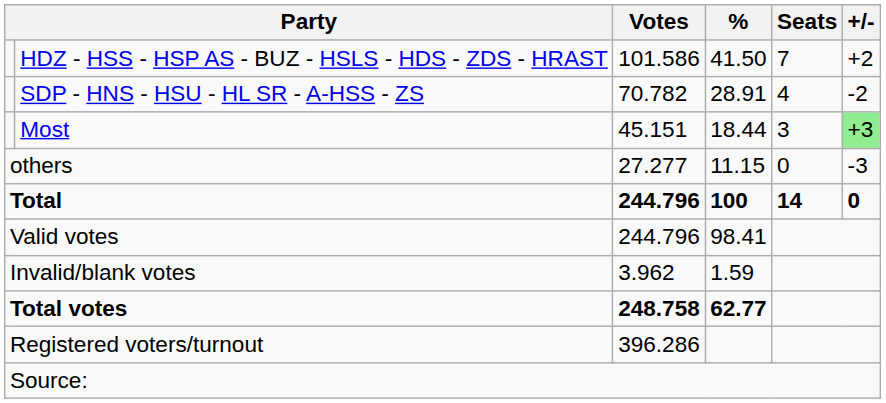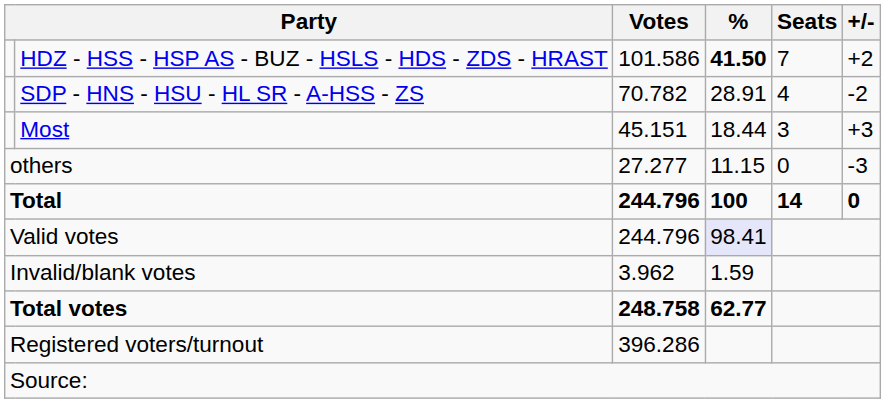 <table class="wikitable" style="text-align: left;">
 <tr>
 <th colspan="2">Party</th>
 <th>Votes</th>
 <th>%</th>
 <th>Seats</th>
 <th>+/-</th>
 </tr>
 <tr>
 <td style="background-color: "></td>
 <td><a href='#'>HDZ</a> - <a href='#'>HSS</a> - <a href='#'>HSP AS</a> - BUZ - <a href='#'>HSLS</a> - <a href='#'>HDS</a> - <a href='#'>ZDS</a> - <a href='#'>HRAST</a></td>
 <td>101.586</td>
-<td>41.50</td>
+<td><strong>41.50</strong></td>
 <td>7</td>
 <td>+2</td>
 </tr>
 <tr>
 <td style="background-color: "></td>
 <td><a href='#'>SDP</a> - <a href='#'>HNS</a> - <a href='#'>HSU</a> - <a href='#'>HL SR</a> - <a href='#'>A-HSS</a> - <a href='#'>ZS</a></td>
 <td>70.782</td>
 <td>28.91</td>
 <td>4</td>
 <td>-2</td>
 </tr>
 <tr>
 <td style="background-color: "></td>
 <td><a href='#'>Most</a></td>
 <td>45.151</td>
 <td>18.44</td>
 <td>3</td>
-<td style="background: lightgreen;">+3</td>
+<td>+3</td>
 </tr>
 <tr>
 <td colspan="2">others</td>
 <td>27.277</td>
 <td>11.15</td>
 <td>0</td>
 <td>-3</td>
 </tr>
 <tr>
 <td colspan="2"><strong>Total</strong></td>
 <td><strong>244.796</strong></td>
 <td><strong>100</strong></td>
 <td><strong>14</strong></td>
 <td><strong>0</strong></td>
 </tr>
 <tr>
 <td colspan="2">Valid votes</td>
 <td>244.796</td>
-<td>98.41</td>
+<td style="background: lavender;">98.41</td>
 <td colspan="2"></td>
 </tr>
 <tr>
 <td colspan="2">Invalid/blank votes</td>
 <td>3.962</td>
 <td>1.59</td>
 <td colspan="2"></td>
 </tr>
 <tr>
 <td colspan="2"><strong>Total votes</strong></td>
 <td><strong>248.758</strong></td>
 <td><strong>62.77</strong></td>
 <td colspan="2"></td>
 </tr>
 <tr>
 <td colspan="2">Registered voters/turnout</td>
 <td votes14="5343">396.286</td>
 <td></td>
 <td colspan="2"></td>
 </tr>
 <tr>
 <td colspan="6">Source: </td>
 </tr>
 </table>
